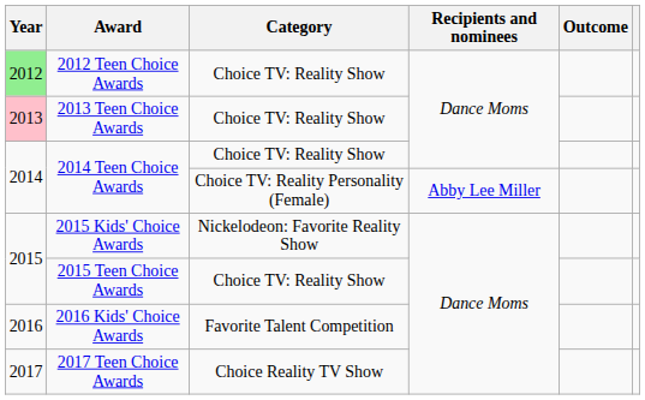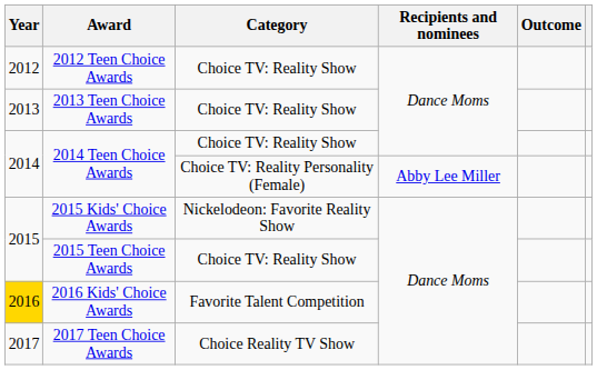 <table class="wikitable plainrowheaders" style="text-align:center;">
 <tr>
 <th scope="col">Year</th>
 <th scope="col">Award</th>
 <th scope="col">Category</th>
 <th scope="col">Recipients and nominees</th>
 <th scope="col">Outcome</th>
 <th scope="col" class="unsortable"></th>
 </tr>
 <tr>
-<td scope="row" rowspan="1" style="background: lightgreen;">2012</td>
+<td scope="row" rowspan="1">2012</td>
 <td rowspan="1"><a href='#'>2012 Teen Choice Awards</a></td>
 <td>Choice TV: Reality Show</td>
 <td rowspan="3"><em>Dance Moms</em></td>
 <td></td>
 <td></td>
 </tr>
 <tr>
-<td scope="row" rowspan="1" style="background: pink;">2013</td>
+<td scope="row" rowspan="1">2013</td>
 <td rowspan="1"><a href='#'>2013 Teen Choice Awards</a></td>
 <td>Choice TV: Reality Show</td>
 <td></td>
 <td></td>
 </tr>
 <tr>
 <td scope="row" rowspan="2">2014</td>
 <td rowspan="2"><a href='#'>2014 Teen Choice Awards</a></td>
 <td>Choice TV: Reality Show</td>
 <td></td>
 <td></td>
 </tr>
 <tr>
 <td scope="row">Choice TV: Reality Personality (Female)</td>
 <td><a href='#'>Abby Lee Miller</a></td>
 <td></td>
 <td></td>
 </tr>
 <tr>
 <td scope="row" rowspan="2">2015</td>
 <td><a href='#'>2015 Kids' Choice Awards</a></td>
 <td>Nickelodeon: Favorite Reality Show</td>
 <td rowspan="4"><em>Dance Moms</em></td>
 <td></td>
 <td></td>
 </tr>
 <tr>
 <td scope="row"><a href='#'>2015 Teen Choice Awards</a></td>
 <td>Choice TV: Reality Show</td>
 <td></td>
 <td></td>
 </tr>
 <tr>
-<td scope="row">2016</td>
+<td scope="row" style="background: gold;">2016</td>
 <td><a href='#'>2016 Kids' Choice Awards</a></td>
 <td>Favorite Talent Competition</td>
 <td></td>
 <td></td>
 </tr>
 <tr>
 <td scope="row">2017</td>
 <td><a href='#'>2017 Teen Choice Awards</a></td>
 <td>Choice Reality TV Show</td>
 <td></td>
 <td></td>
 </tr>
 </table>
